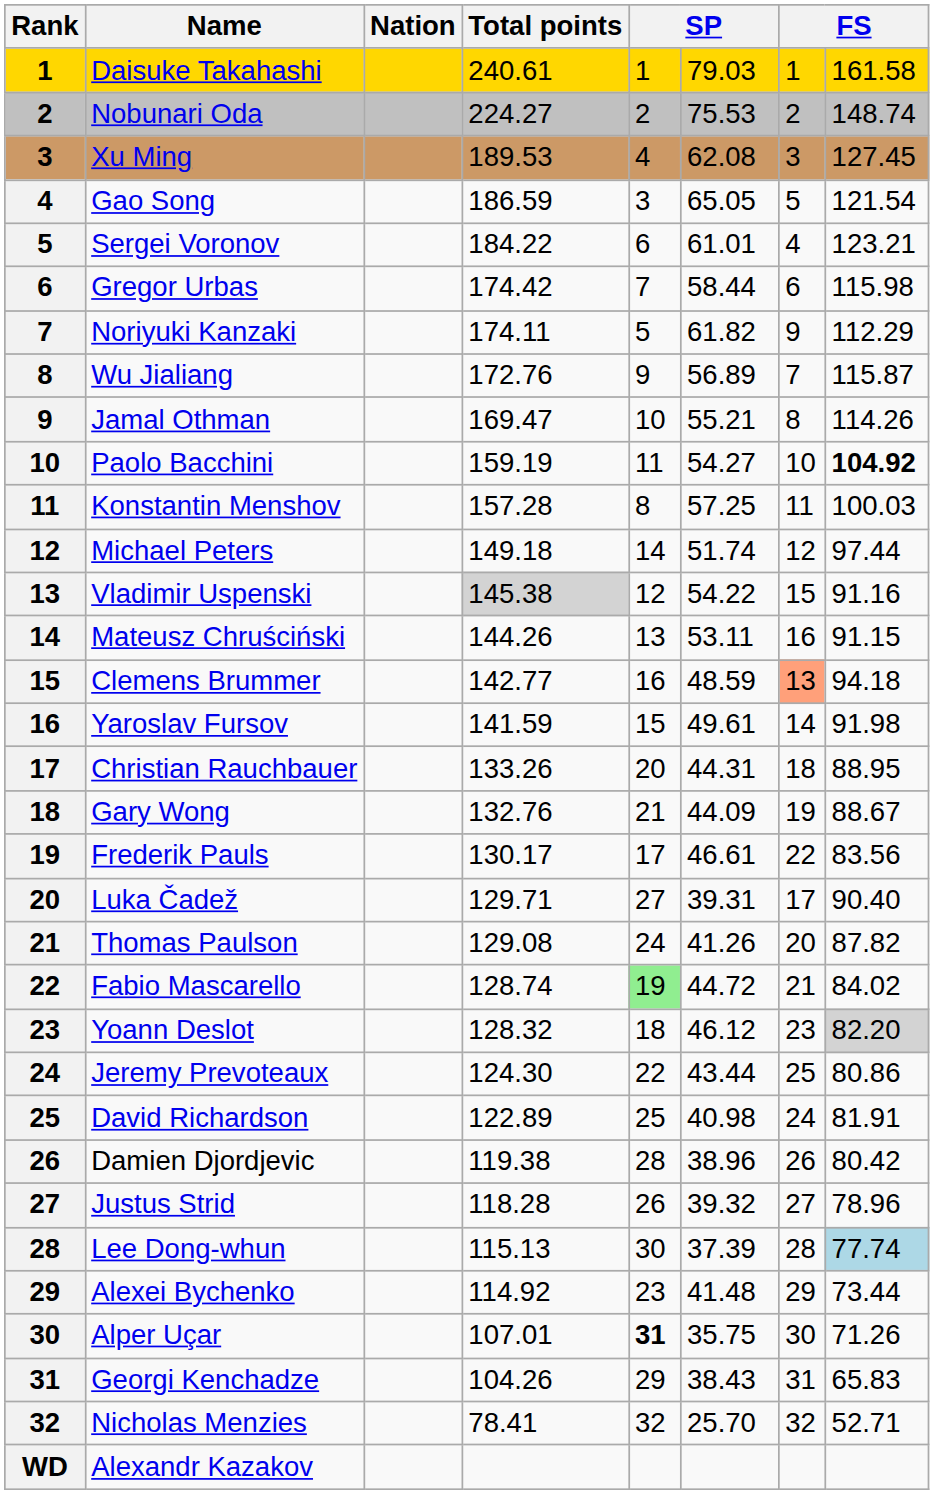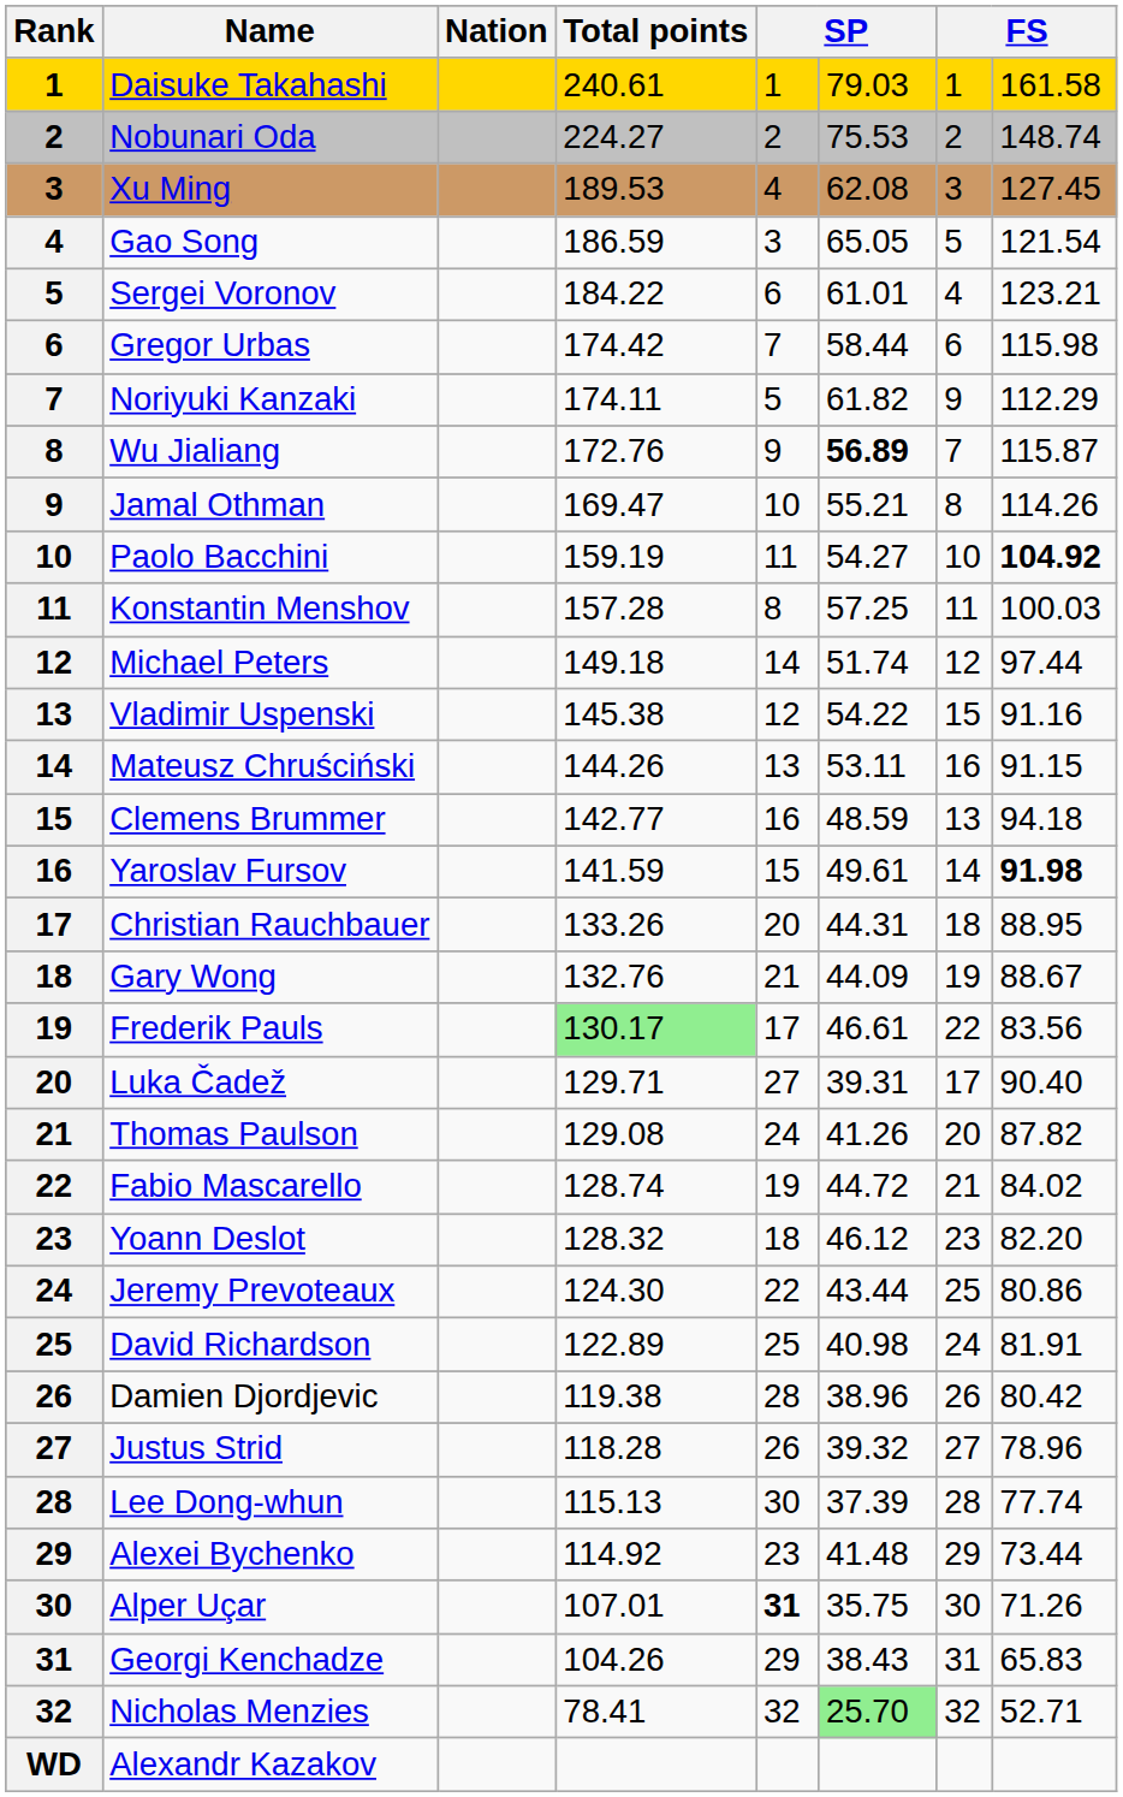 <table class="wikitable sortable">
 <tr>
 <th>Rank</th>
 <th>Name</th>
 <th>Nation</th>
 <th>Total points</th>
 <th colspan="2" width="80px"><a href='#'>SP</a></th>
 <th colspan="2" width="80px"><a href='#'>FS</a></th>
 </tr>
 <tr bgcolor="gold">
 <td align="center"><strong>1</strong></td>
 <td><a href='#'>Daisuke Takahashi</a></td>
 <td></td>
 <td>240.61</td>
 <td>1</td>
 <td>79.03</td>
 <td>1</td>
 <td>161.58</td>
 </tr>
 <tr bgcolor="silver">
 <td align="center"><strong>2</strong></td>
 <td><a href='#'>Nobunari Oda</a></td>
 <td></td>
 <td>224.27</td>
 <td>2</td>
 <td>75.53</td>
 <td>2</td>
 <td>148.74</td>
 </tr>
 <tr bgcolor="cc9966">
 <td align="center"><strong>3</strong></td>
 <td><a href='#'>Xu Ming</a></td>
 <td></td>
 <td>189.53</td>
 <td>4</td>
 <td>62.08</td>
 <td>3</td>
 <td>127.45</td>
 </tr>
 <tr>
 <th>4</th>
 <td><a href='#'>Gao Song</a></td>
 <td></td>
 <td>186.59</td>
 <td>3</td>
 <td>65.05</td>
 <td>5</td>
 <td>121.54</td>
 </tr>
 <tr>
 <th>5</th>
 <td><a href='#'>Sergei Voronov</a></td>
 <td></td>
 <td>184.22</td>
 <td>6</td>
 <td>61.01</td>
 <td>4</td>
 <td>123.21</td>
 </tr>
 <tr>
 <th>6</th>
 <td><a href='#'>Gregor Urbas</a></td>
 <td></td>
 <td>174.42</td>
 <td>7</td>
 <td>58.44</td>
 <td>6</td>
 <td>115.98</td>
 </tr>
 <tr>
 <th>7</th>
 <td><a href='#'>Noriyuki Kanzaki</a></td>
 <td></td>
 <td>174.11</td>
 <td>5</td>
 <td>61.82</td>
 <td>9</td>
 <td>112.29</td>
 </tr>
 <tr>
 <th>8</th>
 <td><a href='#'>Wu Jialiang</a></td>
 <td></td>
 <td>172.76</td>
 <td>9</td>
-<td>56.89</td>
+<td><strong>56.89</strong></td>
 <td>7</td>
 <td>115.87</td>
 </tr>
 <tr>
 <th>9</th>
 <td><a href='#'>Jamal Othman</a></td>
 <td></td>
 <td>169.47</td>
 <td>10</td>
 <td>55.21</td>
 <td>8</td>
 <td>114.26</td>
 </tr>
 <tr>
 <th>10</th>
 <td><a href='#'>Paolo Bacchini</a></td>
 <td></td>
 <td>159.19</td>
 <td>11</td>
 <td>54.27</td>
 <td>10</td>
 <td><strong>104.92</strong></td>
 </tr>
 <tr>
 <th>11</th>
 <td><a href='#'>Konstantin Menshov</a></td>
 <td></td>
 <td>157.28</td>
 <td>8</td>
 <td>57.25</td>
 <td>11</td>
 <td>100.03</td>
 </tr>
 <tr>
 <th>12</th>
 <td><a href='#'>Michael Peters</a></td>
 <td></td>
 <td>149.18</td>
 <td>14</td>
 <td>51.74</td>
 <td>12</td>
 <td>97.44</td>
 </tr>
 <tr>
 <th>13</th>
 <td><a href='#'>Vladimir Uspenski</a></td>
 <td></td>
-<td style="background: lightgrey;">145.38</td>
+<td>145.38</td>
 <td>12</td>
 <td>54.22</td>
 <td>15</td>
 <td>91.16</td>
 </tr>
 <tr>
 <th>14</th>
 <td><a href='#'>Mateusz Chruściński</a></td>
 <td></td>
 <td>144.26</td>
 <td>13</td>
 <td>53.11</td>
 <td>16</td>
 <td>91.15</td>
 </tr>
 <tr>
 <th>15</th>
 <td><a href='#'>Clemens Brummer</a></td>
 <td></td>
 <td>142.77</td>
 <td>16</td>
 <td>48.59</td>
-<td style="background: lightsalmon;">13</td>
+<td>13</td>
 <td>94.18</td>
 </tr>
 <tr>
 <th>16</th>
 <td><a href='#'>Yaroslav Fursov</a></td>
 <td></td>
 <td>141.59</td>
 <td>15</td>
 <td>49.61</td>
 <td>14</td>
-<td>91.98</td>
+<td><strong>91.98</strong></td>
 </tr>
 <tr>
 <th>17</th>
 <td><a href='#'>Christian Rauchbauer</a></td>
 <td></td>
 <td>133.26</td>
 <td>20</td>
 <td>44.31</td>
 <td>18</td>
 <td>88.95</td>
 </tr>
 <tr>
 <th>18</th>
 <td><a href='#'>Gary Wong</a></td>
 <td></td>
 <td>132.76</td>
 <td>21</td>
 <td>44.09</td>
 <td>19</td>
 <td>88.67</td>
 </tr>
 <tr>
 <th>19</th>
 <td><a href='#'>Frederik Pauls</a></td>
 <td></td>
-<td>130.17</td>
+<td style="background: lightgreen;">130.17</td>
 <td>17</td>
 <td>46.61</td>
 <td>22</td>
 <td>83.56</td>
 </tr>
 <tr>
 <th>20</th>
 <td><a href='#'>Luka Čadež</a></td>
 <td></td>
 <td>129.71</td>
 <td>27</td>
 <td>39.31</td>
 <td>17</td>
 <td>90.40</td>
 </tr>
 <tr>
 <th>21</th>
 <td><a href='#'>Thomas Paulson</a></td>
 <td></td>
 <td>129.08</td>
 <td>24</td>
 <td>41.26</td>
 <td>20</td>
 <td>87.82</td>
 </tr>
 <tr>
 <th>22</th>
 <td><a href='#'>Fabio Mascarello</a></td>
 <td></td>
 <td>128.74</td>
-<td style="background: lightgreen;">19</td>
+<td>19</td>
 <td>44.72</td>
 <td>21</td>
 <td>84.02</td>
 </tr>
 <tr>
 <th>23</th>
 <td><a href='#'>Yoann Deslot</a></td>
 <td></td>
 <td>128.32</td>
 <td>18</td>
 <td>46.12</td>
 <td>23</td>
-<td style="background: lightgrey;">82.20</td>
+<td>82.20</td>
 </tr>
 <tr>
 <th>24</th>
 <td><a href='#'>Jeremy Prevoteaux</a></td>
 <td></td>
 <td>124.30</td>
 <td>22</td>
 <td>43.44</td>
 <td>25</td>
 <td>80.86</td>
 </tr>
 <tr>
 <th>25</th>
 <td><a href='#'>David Richardson</a></td>
 <td></td>
 <td>122.89</td>
 <td>25</td>
 <td>40.98</td>
 <td>24</td>
 <td>81.91</td>
 </tr>
 <tr>
 <th>26</th>
 <td>Damien Djordjevic</td>
 <td></td>
 <td>119.38</td>
 <td>28</td>
 <td>38.96</td>
 <td>26</td>
 <td>80.42</td>
 </tr>
 <tr>
 <th>27</th>
 <td><a href='#'>Justus Strid</a></td>
 <td></td>
 <td>118.28</td>
 <td>26</td>
 <td>39.32</td>
 <td>27</td>
 <td>78.96</td>
 </tr>
 <tr>
 <th>28</th>
 <td><a href='#'>Lee Dong-whun</a></td>
 <td></td>
 <td>115.13</td>
 <td>30</td>
 <td>37.39</td>
 <td>28</td>
-<td style="background: lightblue;">77.74</td>
+<td>77.74</td>
 </tr>
 <tr>
 <th>29</th>
 <td><a href='#'>Alexei Bychenko</a></td>
 <td></td>
 <td>114.92</td>
 <td>23</td>
 <td>41.48</td>
 <td>29</td>
 <td>73.44</td>
 </tr>
 <tr>
 <th>30</th>
 <td><a href='#'>Alper Uçar</a></td>
 <td></td>
 <td>107.01</td>
 <td><strong>31</strong></td>
 <td>35.75</td>
 <td>30</td>
 <td>71.26</td>
 </tr>
 <tr>
 <th>31</th>
 <td><a href='#'>Georgi Kenchadze</a></td>
 <td></td>
 <td>104.26</td>
 <td>29</td>
 <td>38.43</td>
 <td>31</td>
 <td>65.83</td>
 </tr>
 <tr>
 <th>32</th>
 <td><a href='#'>Nicholas Menzies</a></td>
 <td></td>
 <td>78.41</td>
 <td>32</td>
-<td>25.70</td>
+<td style="background: lightgreen;">25.70</td>
 <td>32</td>
 <td>52.71</td>
 </tr>
 <tr>
 <th>WD</th>
 <td><a href='#'>Alexandr Kazakov</a></td>
 <td></td>
 <td></td>
 <td></td>
 <td></td>
 <td></td>
 <td></td>
 </tr>
 </table>
